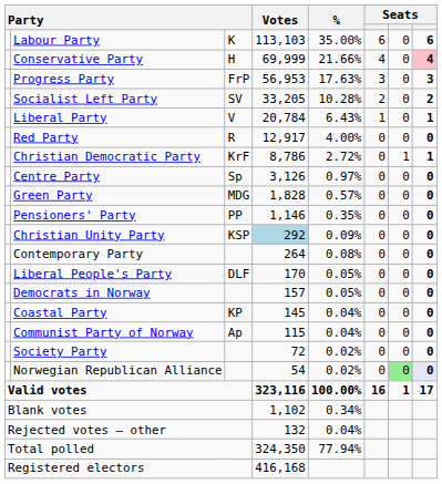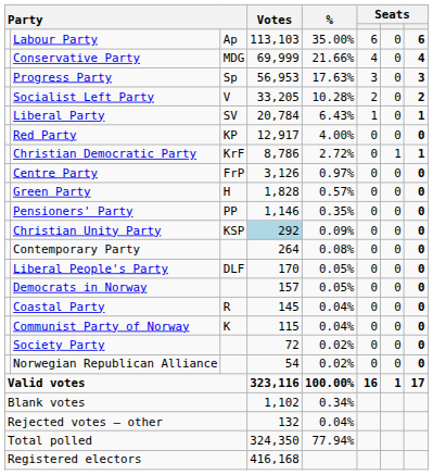 <table class="wikitable" border="1" style="text-align:right;">
 <tr>
 <th style="text-align:left;" valign=bottom rowspan=2 colspan=3>Party</th>
 <th align=center valign=bottom rowspan=2 width="50">Votes</th>
 <th align=center valign=bottom rowspan=2 width="50">%</th>
 <th colspan=3>Seats</th>
 </tr>
 <tr>
 <th align=center valign=bottom width="20"><small></small></th>
 <th align=center valign=bottom width="20"><small><a href='#'></a></small></th>
 <th align=center valign=bottom width="20"><small></small></th>
 </tr>
 <tr>
 <td style="color:inherit;background:"></td>
 <td align=left><a href='#'>Labour Party</a></td>
-<td align=left>K</td>
+<td align=left>Ap</td>
 <td>113,103</td>
 <td>35.00%</td>
 <td>6</td>
 <td>0</td>
 <td><strong>6</strong></td>
 </tr>
 <tr>
 <td style="color:inherit;background:"></td>
 <td align=left><a href='#'>Conservative Party</a></td>
-<td align=left>H</td>
+<td align=left>MDG</td>
 <td>69,999</td>
 <td>21.66%</td>
 <td>4</td>
 <td>0</td>
-<td style="background: pink;"><strong>4</strong></td>
+<td><strong>4</strong></td>
 </tr>
 <tr>
 <td style="color:inherit;background:"></td>
 <td align=left><a href='#'>Progress Party</a></td>
-<td align=left>FrP</td>
+<td align=left>Sp</td>
 <td>56,953</td>
 <td>17.63%</td>
 <td>3</td>
 <td>0</td>
 <td><strong>3</strong></td>
 </tr>
 <tr>
 <td style="color:inherit;background:"></td>
 <td align=left><a href='#'>Socialist Left Party</a></td>
-<td align=left>SV</td>
+<td align=left>V</td>
 <td>33,205</td>
 <td>10.28%</td>
 <td>2</td>
 <td>0</td>
 <td><strong>2</strong></td>
 </tr>
 <tr>
 <td style="color:inherit;background:"></td>
 <td align=left><a href='#'>Liberal Party</a></td>
-<td align=left>V</td>
+<td align=left>SV</td>
 <td>20,784</td>
 <td>6.43%</td>
 <td>1</td>
 <td>0</td>
 <td><strong>1</strong></td>
 </tr>
 <tr>
 <td style="color:inherit;background:"></td>
 <td align=left><a href='#'>Red Party</a></td>
-<td align=left>R</td>
+<td align=left>KP</td>
 <td>12,917</td>
 <td>4.00%</td>
 <td>0</td>
 <td>0</td>
 <td><strong>0</strong></td>
 </tr>
 <tr>
 <td style="color:inherit;background:"></td>
 <td align=left><a href='#'>Christian Democratic Party</a></td>
 <td align=left>KrF</td>
 <td>8,786</td>
 <td>2.72%</td>
 <td>0</td>
 <td>1</td>
 <td><strong>1</strong></td>
 </tr>
 <tr>
 <td style="color:inherit;background:"></td>
 <td align=left><a href='#'>Centre Party</a></td>
-<td align=left>Sp</td>
+<td align=left>FrP</td>
 <td>3,126</td>
 <td>0.97%</td>
 <td>0</td>
 <td>0</td>
 <td><strong>0</strong></td>
 </tr>
 <tr>
 <td style="color:inherit;background:"></td>
 <td align=left><a href='#'>Green Party</a></td>
-<td align=left>MDG</td>
+<td align=left>H</td>
 <td>1,828</td>
 <td>0.57%</td>
 <td>0</td>
 <td>0</td>
 <td><strong>0</strong></td>
 </tr>
 <tr>
 <td style="color:inherit;background:"></td>
 <td align=left><a href='#'>Pensioners' Party</a></td>
 <td align=left>PP</td>
 <td>1,146</td>
 <td>0.35%</td>
 <td>0</td>
 <td>0</td>
 <td><strong>0</strong></td>
 </tr>
 <tr>
 <td style="color:inherit;background:"></td>
 <td align=left><a href='#'>Christian Unity Party</a></td>
 <td align=left>KSP</td>
 <td style="background: lightblue;">292</td>
 <td>0.09%</td>
 <td>0</td>
 <td>0</td>
 <td><strong>0</strong></td>
 </tr>
 <tr>
 <td></td>
 <td align=left>Contemporary Party</td>
 <td align=left></td>
 <td>264</td>
 <td>0.08%</td>
 <td>0</td>
 <td>0</td>
 <td><strong>0</strong></td>
 </tr>
 <tr>
 <td style="color:inherit;background:"></td>
 <td align=left><a href='#'>Liberal People's Party</a></td>
 <td align=left>DLF</td>
 <td>170</td>
 <td>0.05%</td>
 <td>0</td>
 <td>0</td>
 <td><strong>0</strong></td>
 </tr>
 <tr>
 <td style="color:inherit;background:"></td>
 <td align=left><a href='#'>Democrats in Norway</a></td>
 <td align=left></td>
 <td>157</td>
 <td>0.05%</td>
 <td>0</td>
 <td>0</td>
 <td><strong>0</strong></td>
 </tr>
 <tr>
 <td style="color:inherit;background:"></td>
 <td align=left><a href='#'>Coastal Party</a></td>
-<td align=left>KP</td>
+<td align=left>R</td>
 <td>145</td>
 <td>0.04%</td>
 <td>0</td>
 <td>0</td>
 <td><strong>0</strong></td>
 </tr>
 <tr>
 <td style="color:inherit;background:"></td>
 <td align=left><a href='#'>Communist Party of Norway</a></td>
-<td align=left>Ap</td>
+<td align=left>K</td>
 <td>115</td>
 <td>0.04%</td>
 <td>0</td>
 <td>0</td>
 <td><strong>0</strong></td>
 </tr>
 <tr>
 <td style="color:inherit;background:"></td>
 <td align=left><a href='#'>Society Party</a></td>
 <td align=left></td>
 <td>72</td>
 <td>0.02%</td>
 <td>0</td>
 <td>0</td>
 <td><strong>0</strong></td>
 </tr>
 <tr>
 <td></td>
 <td align=left>Norwegian Republican Alliance</td>
 <td align=left></td>
 <td>54</td>
 <td>0.02%</td>
 <td>0</td>
-<td style="background: lightgreen;">0</td>
-<td style="background: lavender;"><strong>0</strong></td>
+<td>0</td>
+<td><strong>0</strong></td>
 </tr>
 <tr style="font-weight:bold">
 <td align=left colspan=3>Valid votes</td>
 <td>323,116</td>
 <td>100.00%</td>
 <td>16</td>
 <td>1</td>
 <td>17</td>
 </tr>
 <tr>
 <td align=left colspan=3>Blank votes</td>
 <td>1,102</td>
 <td>0.34%</td>
 <td></td>
 <td></td>
 <td></td>
 </tr>
 <tr>
 <td align=left colspan=3>Rejected votes – other</td>
 <td>132</td>
 <td>0.04%</td>
 <td></td>
 <td></td>
 <td></td>
 </tr>
 <tr>
 <td align=left colspan=3>Total polled</td>
 <td>324,350</td>
 <td>77.94%</td>
 <td></td>
 <td></td>
 <td></td>
 </tr>
 <tr>
 <td align=left colspan=3>Registered electors</td>
 <td>416,168</td>
 <td></td>
 <td></td>
 <td></td>
 <td></td>
 </tr>
 </table>
